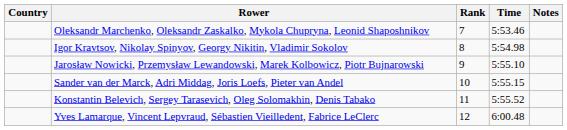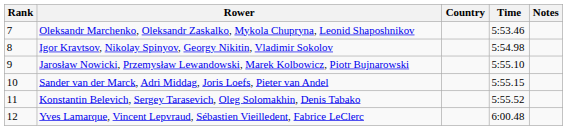 <table class="wikitable sortable" width=65%>
 <tr>
+<th>Rank</th>
+<th>Rower</th>
 <th>Country</th>
-<th>Rower</th>
-<th>Rank</th>
 <th>Time</th>
 <th>Notes</th>
 </tr>
 <tr>
+<td>7</td>
+<td><a href='#'>Oleksandr Marchenko</a>, <a href='#'>Oleksandr Zaskalko</a>, <a href='#'>Mykola Chupryna</a>, <a href='#'>Leonid Shaposhnikov</a></td>
 <td></td>
-<td><a href='#'>Oleksandr Marchenko</a>, <a href='#'>Oleksandr Zaskalko</a>, <a href='#'>Mykola Chupryna</a>, <a href='#'>Leonid Shaposhnikov</a></td>
-<td>7</td>
 <td>5:53.46</td>
 <td></td>
 </tr>
 <tr>
+<td>8</td>
+<td><a href='#'>Igor Kravtsov</a>, <a href='#'>Nikolay Spinyov</a>, <a href='#'>Georgy Nikitin</a>, <a href='#'>Vladimir Sokolov</a></td>
 <td></td>
-<td><a href='#'>Igor Kravtsov</a>, <a href='#'>Nikolay Spinyov</a>, <a href='#'>Georgy Nikitin</a>, <a href='#'>Vladimir Sokolov</a></td>
-<td>8</td>
 <td>5:54.98</td>
 <td></td>
 </tr>
 <tr>
+<td>9</td>
+<td><a href='#'>Jarosław Nowicki</a>, <a href='#'>Przemysław Lewandowski</a>, <a href='#'>Marek Kolbowicz</a>, <a href='#'>Piotr Bujnarowski</a></td>
 <td></td>
-<td><a href='#'>Jarosław Nowicki</a>, <a href='#'>Przemysław Lewandowski</a>, <a href='#'>Marek Kolbowicz</a>, <a href='#'>Piotr Bujnarowski</a></td>
-<td>9</td>
 <td>5:55.10</td>
 <td></td>
 </tr>
 <tr>
+<td>10</td>
+<td><a href='#'>Sander van der Marck</a>, <a href='#'>Adri Middag</a>, <a href='#'>Joris Loefs</a>, <a href='#'>Pieter van Andel</a></td>
 <td></td>
-<td><a href='#'>Sander van der Marck</a>, <a href='#'>Adri Middag</a>, <a href='#'>Joris Loefs</a>, <a href='#'>Pieter van Andel</a></td>
-<td>10</td>
 <td>5:55.15</td>
 <td></td>
 </tr>
 <tr>
+<td>11</td>
+<td><a href='#'>Konstantin Belevich</a>, <a href='#'>Sergey Tarasevich</a>, <a href='#'>Oleg Solomakhin</a>, <a href='#'>Denis Tabako</a></td>
 <td></td>
-<td><a href='#'>Konstantin Belevich</a>, <a href='#'>Sergey Tarasevich</a>, <a href='#'>Oleg Solomakhin</a>, <a href='#'>Denis Tabako</a></td>
-<td>11</td>
 <td>5:55.52</td>
 <td></td>
 </tr>
 <tr>
+<td>12</td>
+<td><a href='#'>Yves Lamarque</a>, <a href='#'>Vincent Lepvraud</a>, <a href='#'>Sébastien Vieilledent</a>, <a href='#'>Fabrice LeClerc</a></td>
 <td></td>
-<td><a href='#'>Yves Lamarque</a>, <a href='#'>Vincent Lepvraud</a>, <a href='#'>Sébastien Vieilledent</a>, <a href='#'>Fabrice LeClerc</a></td>
-<td>12</td>
 <td>6:00.48</td>
 <td></td>
 </tr>
 </table>
